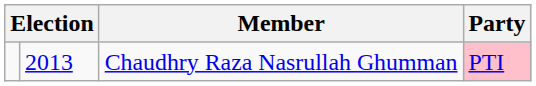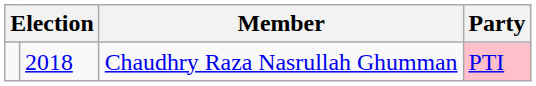 <table class="wikitable">
 <tr>
 <th colspan="2">Election</th>
 <th>Member</th>
 <th>Party</th>
 </tr>
 <tr>
 <td style="background-color: "></td>
-<td><a href='#'>2013</a></td>
+<td><a href='#'>2018</a></td>
 <td><a href='#'>Chaudhry Raza Nasrullah Ghumman</a></td>
 <td style="background: pink;"><a href='#'>PTI</a></td>
 </tr>
 </table>
